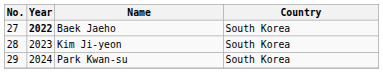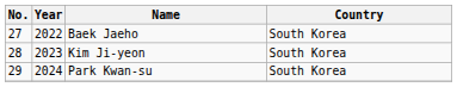 <table class=wikitable style="width:500px">
 <tr>
 <th width=10>No.</th>
 <th width=10>Year</th>
 <th>Name</th>
 <th>Country</th>
 </tr>
 <tr>
 <td>27</td>
-<td><strong>2022</strong></td>
+<td>2022</td>
 <td>Baek Jaeho</td>
 <td>South Korea</td>
 </tr>
 <tr>
 <td>28</td>
 <td>2023</td>
 <td>Kim Ji-yeon</td>
 <td>South Korea</td>
 </tr>
 <tr>
 <td>29</td>
 <td>2024</td>
 <td>Park Kwan-su</td>
 <td>South Korea</td>
 </tr>
 <tr>
 </tr>
 </table>
